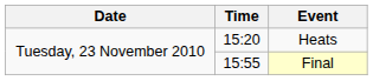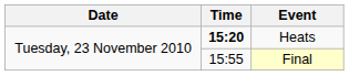 <table class = "wikitable" style="text-align:center;">
 <tr>
 <th width=220>Date</th>
 <th width=50>Time</th>
 <th width=100>Event</th>
 </tr>
 <tr>
 <td rowspan=2>Tuesday, 23 November 2010</td>
-<td>15:20</td>
+<td><strong>15:20</strong></td>
 <td>Heats</td>
 </tr>
 <tr>
 <td>15:55</td>
 <td bgcolor=ffffcc>Final</td>
 </tr>
 </table>
